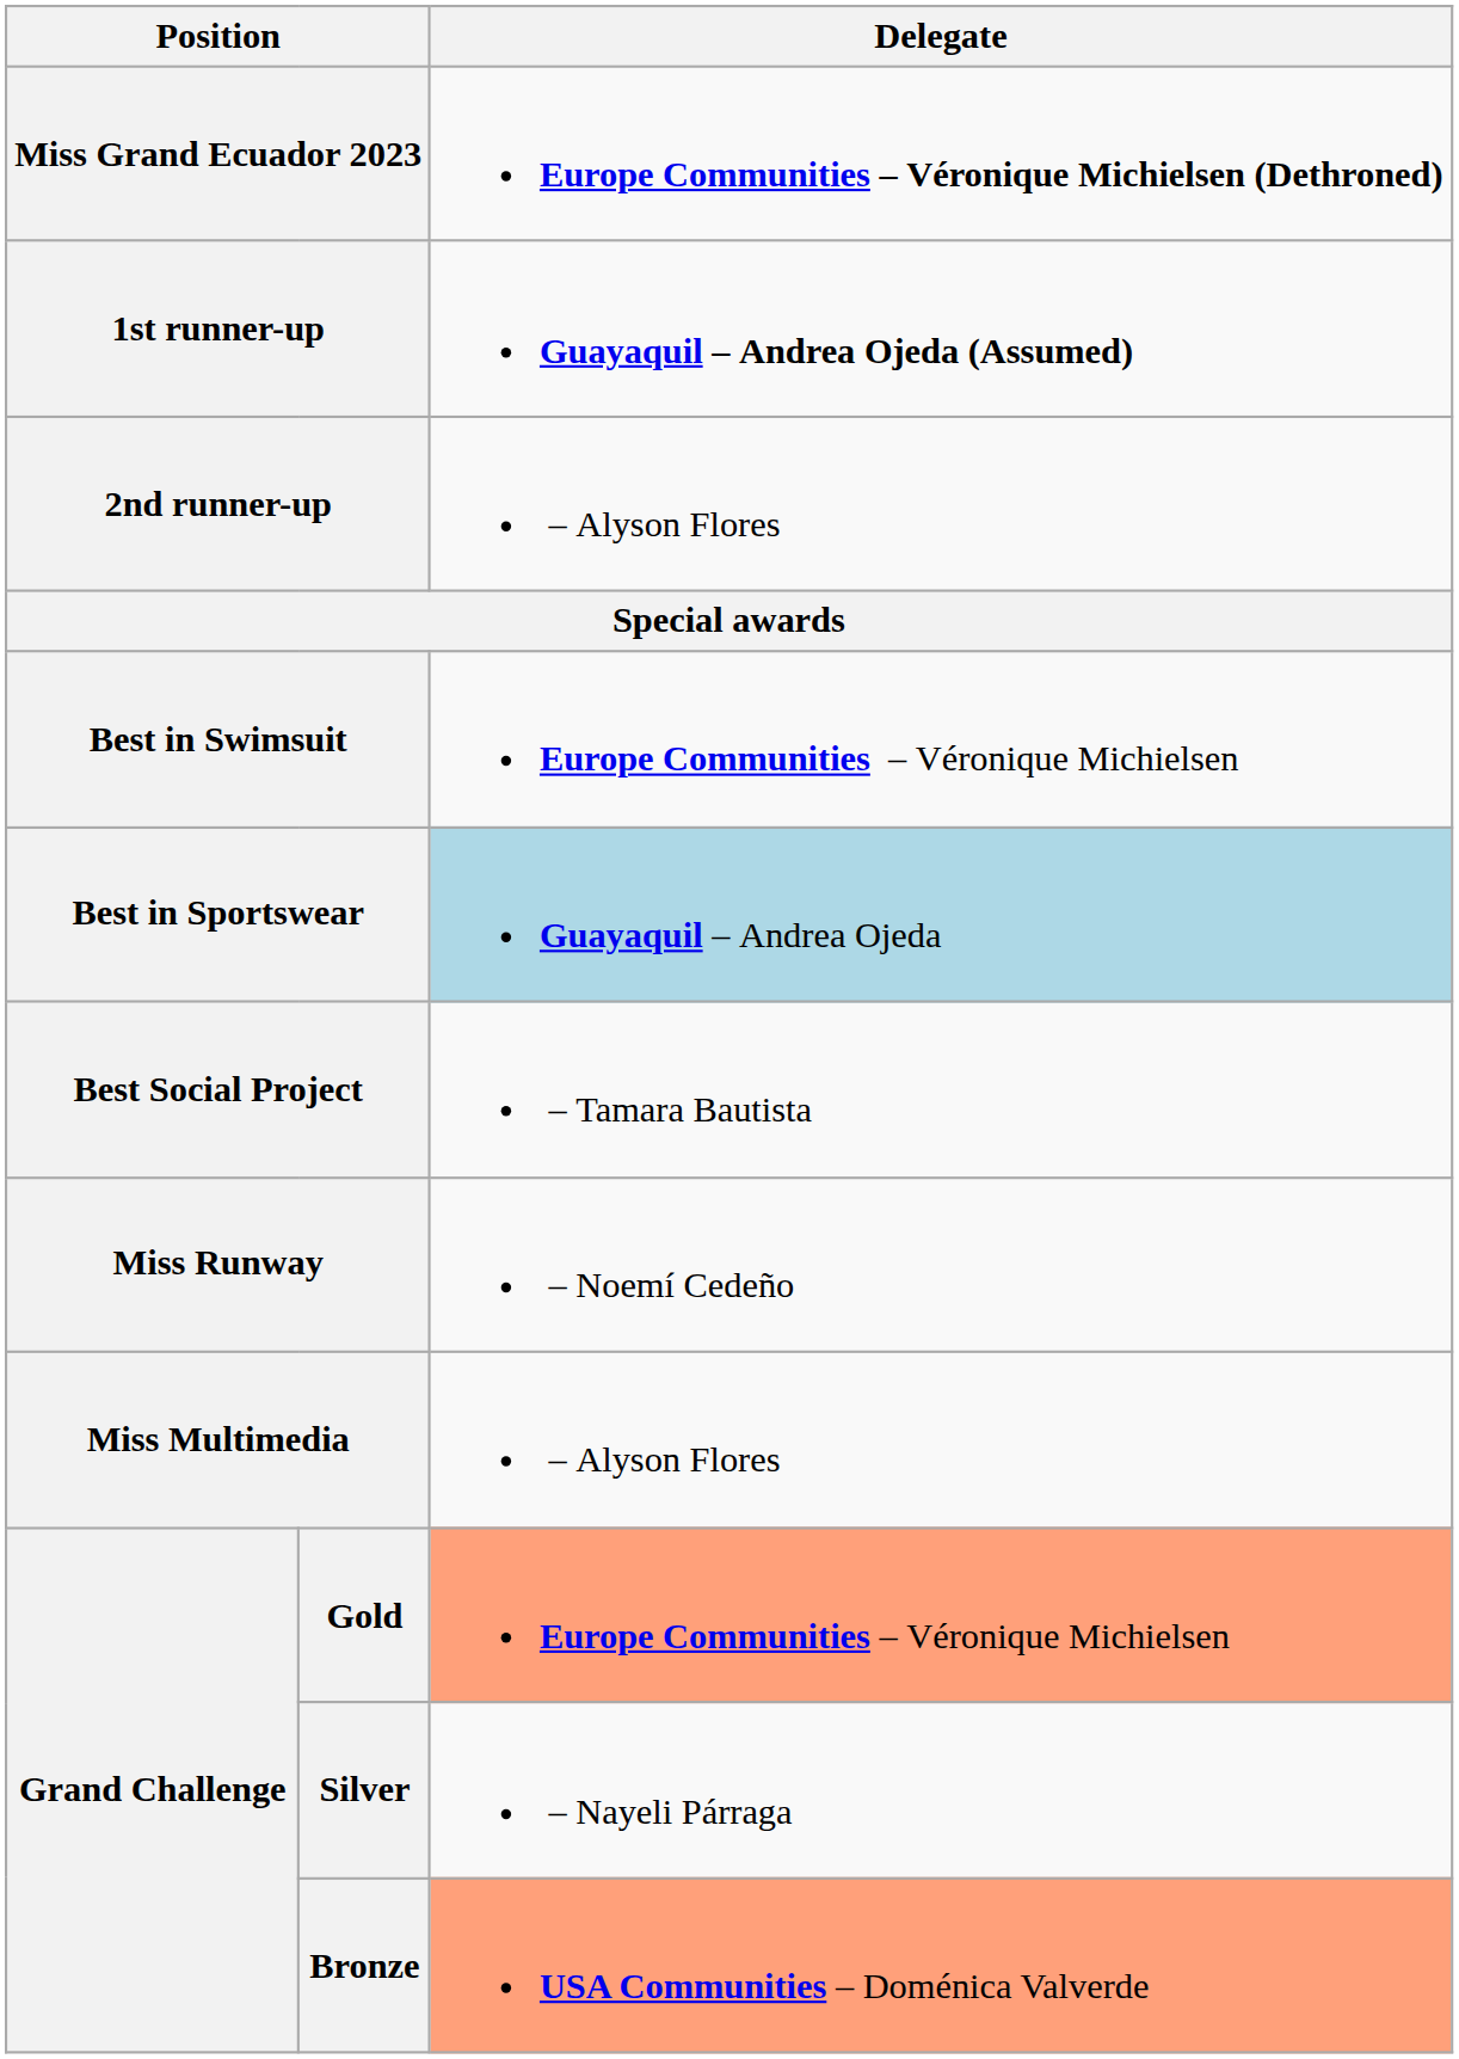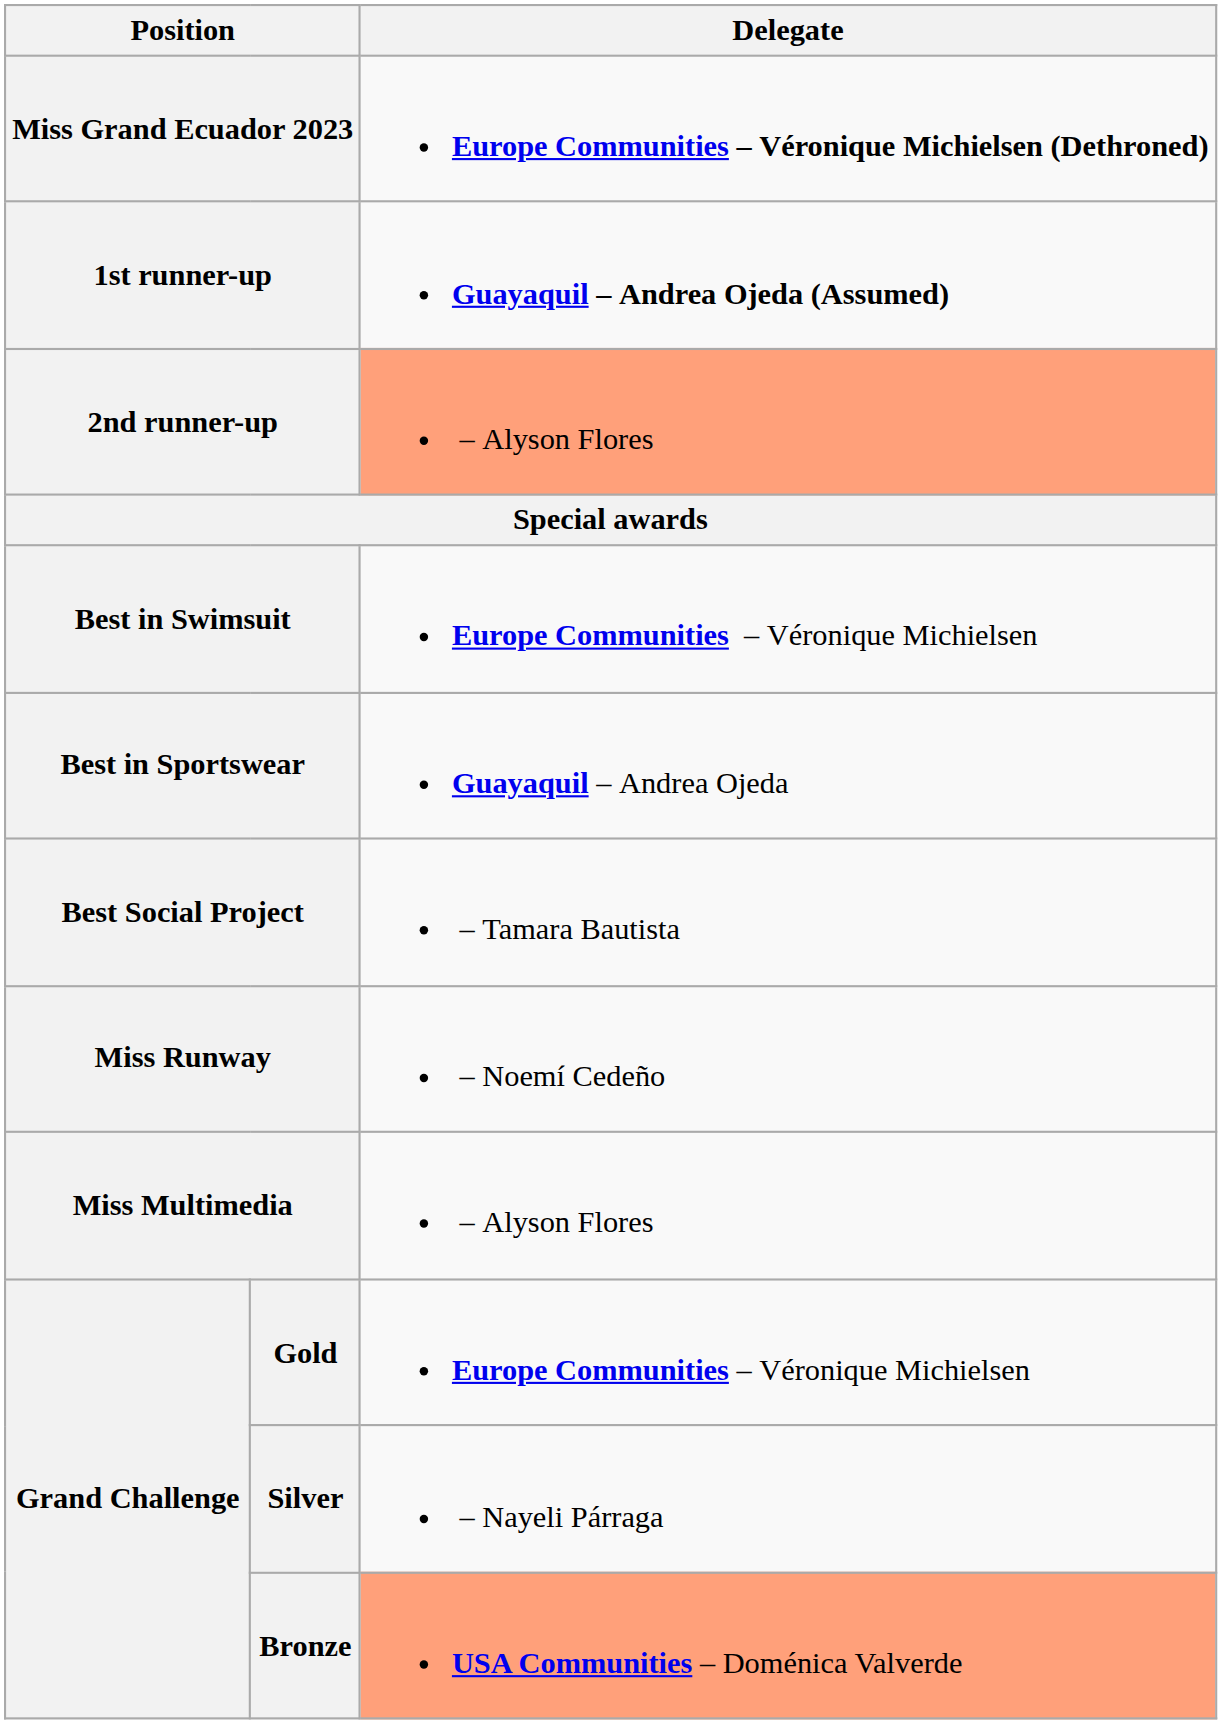 <table class="wikitable" style="font-size: 90%";>
 <tr>
 <th colspan=2>Position</th>
 <th>Delegate</th>
 </tr>
 <tr>
 <th colspan=2>Miss Grand Ecuador 2023</th>
 <td><br><ul><li><strong> <a href='#'>Europe Communities</a> – Véronique Michielsen (Dethroned)</strong></li></ul></td>
 </tr>
 <tr>
 <th colspan=2>1st runner-up</th>
 <td><br><ul><li><strong> <a href='#'>Guayaquil</a> – Andrea Ojeda (Assumed)</strong></li></ul></td>
 </tr>
 <tr>
 <th colspan=2>2nd runner-up</th>
-<td><br><ul><li><strong></strong> – Alyson Flores</li></ul></td>
+<td style="background: lightsalmon;"><br><ul><li><strong></strong> – Alyson Flores</li></ul></td>
 </tr>
 <tr>
 <th colspan=3>Special awards</th>
 </tr>
 <tr>
 <th colspan=2>Best in Swimsuit</th>
 <td><br><ul><li><strong> <a href='#'>Europe Communities</a></strong>  – Véronique Michielsen</li></ul></td>
 </tr>
 <tr>
 <th colspan=2>Best in Sportswear</th>
-<td style="background: lightblue;"><br><ul><li><strong> <a href='#'>Guayaquil</a></strong> – Andrea Ojeda</li></ul></td>
+<td><br><ul><li><strong> <a href='#'>Guayaquil</a></strong> – Andrea Ojeda</li></ul></td>
 </tr>
 <tr>
 <th colspan=2>Best Social Project</th>
 <td><br><ul><li><strong></strong> – Tamara Bautista</li></ul></td>
 </tr>
 <tr>
 <th colspan=2>Miss Runway</th>
 <td><br><ul><li><strong></strong> – Noemí Cedeño</li></ul></td>
 </tr>
 <tr>
 <th colspan=2>Miss Multimedia</th>
 <td><br><ul><li><strong></strong> – Alyson Flores</li></ul></td>
 </tr>
 <tr>
 <th rowspan=3>Grand Challenge</th>
 <th> Gold</th>
-<td style="background: lightsalmon;"><br><ul><li><strong> <a href='#'>Europe Communities</a></strong> – Véronique Michielsen</li></ul></td>
+<td><br><ul><li><strong> <a href='#'>Europe Communities</a></strong> – Véronique Michielsen</li></ul></td>
 </tr>
 <tr>
 <th> Silver</th>
 <td><br><ul><li><strong></strong> – Nayeli Párraga</li></ul></td>
 </tr>
 <tr>
 <th> Bronze</th>
 <td style="background: lightsalmon;"><br><ul><li><strong> <a href='#'>USA Communities</a></strong> – Doménica Valverde</li></ul></td>
 </tr>
 </table>
